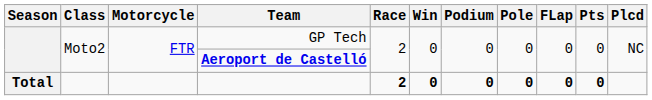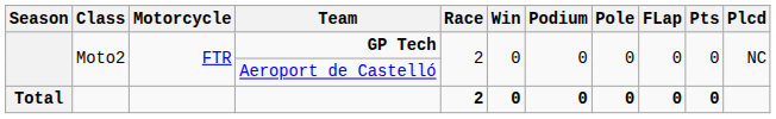 <table class="wikitable" style=text-align:right>
 <tr>
 <th>Season</th>
 <th>Class</th>
 <th>Motorcycle</th>
 <th>Team</th>
 <th>Race</th>
 <th>Win</th>
 <th>Podium</th>
 <th>Pole</th>
 <th>FLap</th>
 <th>Pts</th>
 <th>Plcd</th>
 </tr>
 <tr>
 <th rowspan=2></th>
 <td rowspan=2>Moto2</td>
 <td rowspan=2><a href='#'>FTR</a></td>
-<td>GP Tech</td>
+<td><strong>GP Tech</strong></td>
 <td rowspan=2>2</td>
 <td rowspan=2>0</td>
 <td rowspan=2>0</td>
 <td rowspan=2>0</td>
 <td rowspan=2>0</td>
 <td rowspan=2>0</td>
 <td rowspan=2>NC</td>
 </tr>
 <tr>
-<td><strong><a href='#'>Aeroport de Castelló</a></strong></td>
+<td><a href='#'>Aeroport de Castelló</a></td>
 </tr>
 <tr>
 <th>Total</th>
 <td></td>
 <td></td>
 <td></td>
 <td><strong>2</strong></td>
 <td><strong>0</strong></td>
 <td><strong>0</strong></td>
 <td><strong>0</strong></td>
 <td><strong>0</strong></td>
 <td><strong>0</strong></td>
 <td></td>
 </tr>
 </table>
